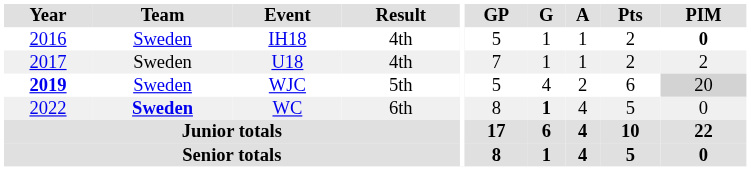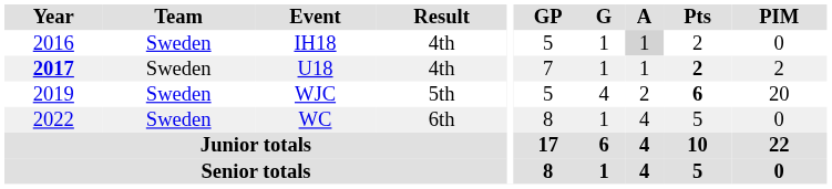 <table border="0" cellpadding="1" cellspacing="0" ID="Table3" style="text-align:center; width:40em">
 <tr ALIGN="center" bgcolor="#e0e0e0">
 <th>Year</th>
 <th>Team</th>
 <th>Event</th>
 <th>Result</th>
 <th rowspan="99" bgcolor="#ffffff"></th>
 <th>GP</th>
 <th>G</th>
 <th>A</th>
 <th>Pts</th>
 <th>PIM</th>
 </tr>
 <tr>
 <td><a href='#'>2016</a></td>
 <td><a href='#'>Sweden</a></td>
 <td><a href='#'>IH18</a></td>
 <td>4th</td>
 <td>5</td>
 <td>1</td>
-<td>1</td>
+<td style="background: lightgrey;">1</td>
 <td>2</td>
-<td><strong>0</strong></td>
+<td>0</td>
 </tr>
 <tr bgcolor="#f0f0f0">
-<td><a href='#'>2017</a></td>
+<td><strong><a href='#'>2017</a></strong></td>
 <td>Sweden</td>
 <td><a href='#'>U18</a></td>
 <td>4th</td>
 <td>7</td>
 <td>1</td>
 <td>1</td>
-<td>2</td>
+<td><strong>2</strong></td>
 <td>2</td>
 </tr>
 <tr>
-<td><strong><a href='#'>2019</a></strong></td>
+<td><a href='#'>2019</a></td>
 <td><a href='#'>Sweden</a></td>
 <td><a href='#'>WJC</a></td>
 <td>5th</td>
 <td>5</td>
 <td>4</td>
 <td>2</td>
-<td>6</td>
-<td style="background: lightgrey;">20</td>
+<td><strong>6</strong></td>
+<td>20</td>
 </tr>
 <tr bgcolor="#f0f0f0">
 <td><a href='#'>2022</a></td>
-<td><strong><a href='#'>Sweden</a></strong></td>
+<td><a href='#'>Sweden</a></td>
 <td><a href='#'>WC</a></td>
 <td>6th</td>
 <td>8</td>
-<td><strong>1</strong></td>
+<td>1</td>
 <td>4</td>
 <td>5</td>
 <td>0</td>
 </tr>
 <tr bgcolor="#e0e0e0">
 <th colspan="4">Junior totals</th>
 <th>17</th>
 <th>6</th>
 <th>4</th>
 <th>10</th>
 <th>22</th>
 </tr>
 <tr bgcolor="#e0e0e0">
 <th colspan="4">Senior totals</th>
 <th>8</th>
 <th>1</th>
 <th>4</th>
 <th>5</th>
 <th>0</th>
 </tr>
 </table>
